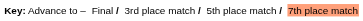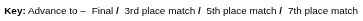 <table style="font-size: 85%;">
 <tr>
 <td height=5></td>
 </tr>
 <tr>
 <td><strong>Key:</strong> Advance to –</td>
 <td></td>
 <td>Final <strong>/</strong></td>
 <td></td>
 <td>3rd place match <strong>/</strong></td>
 <td></td>
 <td>5th place match <strong>/</strong></td>
 <td></td>
-<td style="background: lightsalmon;">7th place match</td>
+<td>7th place match</td>
 </tr>
 </table>
